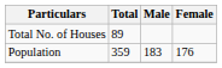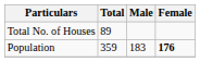 <table class="wikitable sortable">
 <tr>
 <th>Particulars</th>
 <th>Total</th>
 <th>Male</th>
 <th>Female</th>
 </tr>
 <tr>
 <td>Total No. of Houses</td>
 <td>89</td>
 <td></td>
 <td></td>
 </tr>
 <tr>
 <td>Population</td>
 <td>359</td>
 <td>183</td>
-<td>176</td>
+<td><strong>176</strong></td>
 </tr>
 <tr>
 </tr>
 </table>
